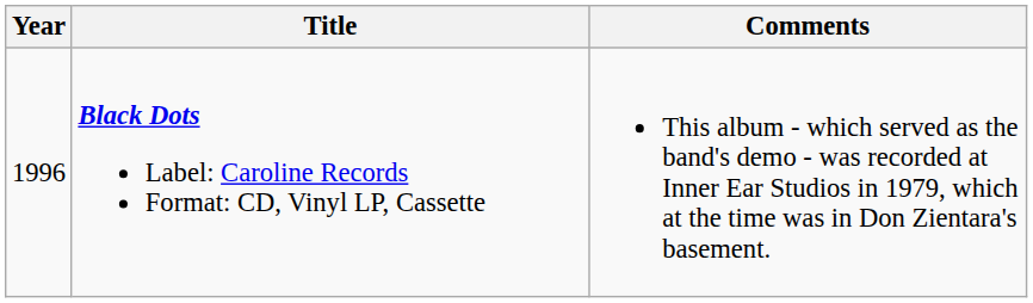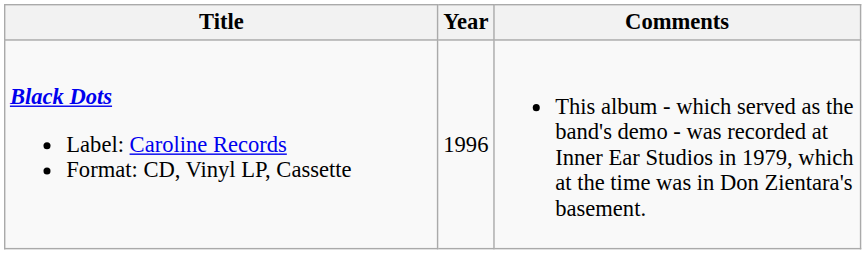 <table class="wikitable" style="text-align:left;">
 <tr>
+<th width="300">Title</th>
 <th>Year</th>
-<th width="300">Title</th>
 <th>Comments</th>
 </tr>
 <tr>
+<td><strong><em><a href='#'>Black Dots</a></em></strong><br><ul><li>Label: <a href='#'>Caroline Records</a></li><li>Format: CD, Vinyl LP, Cassette</li></ul></td>
 <td>1996</td>
-<td><strong><em><a href='#'>Black Dots</a></em></strong><br><ul><li>Label: <a href='#'>Caroline Records</a></li><li>Format: CD, Vinyl LP, Cassette</li></ul></td>
 <td><br><ul><li>This album - which served as the band's demo - was recorded at Inner Ear Studios in 1979, which at the time was in Don Zientara's basement.</li></ul></td>
 </tr>
 </table>
